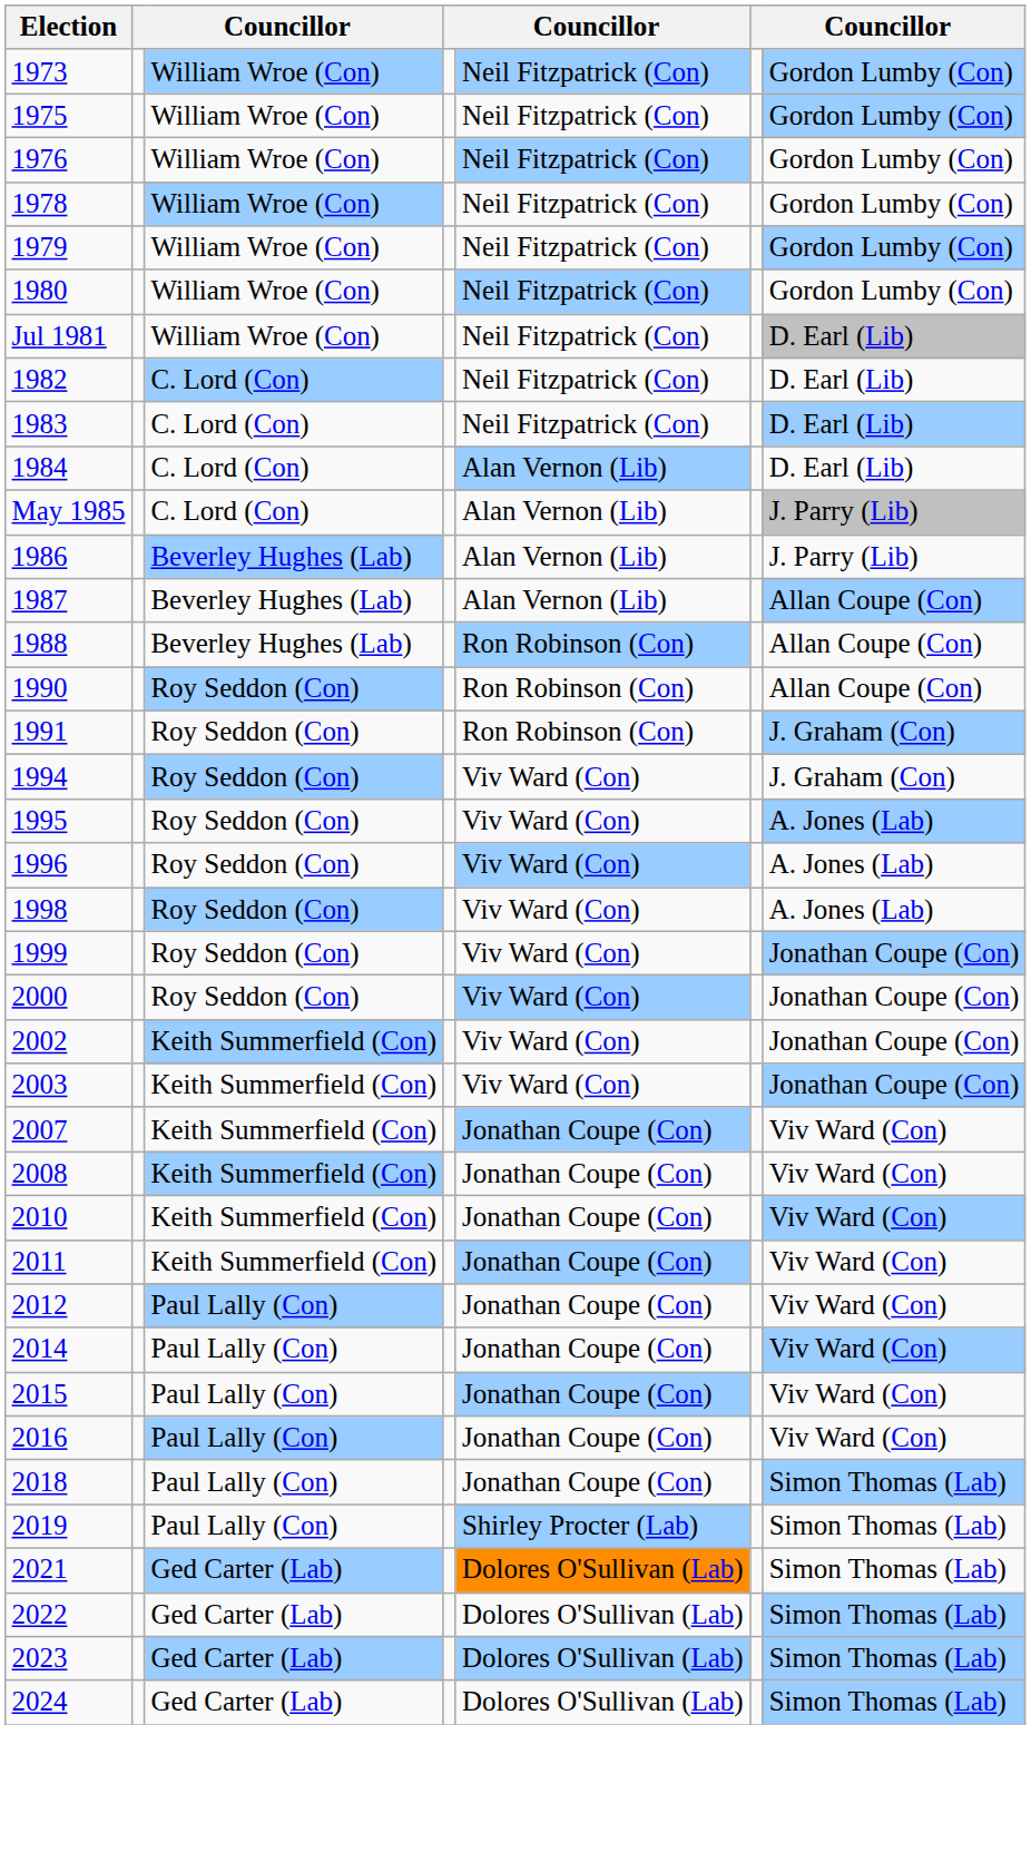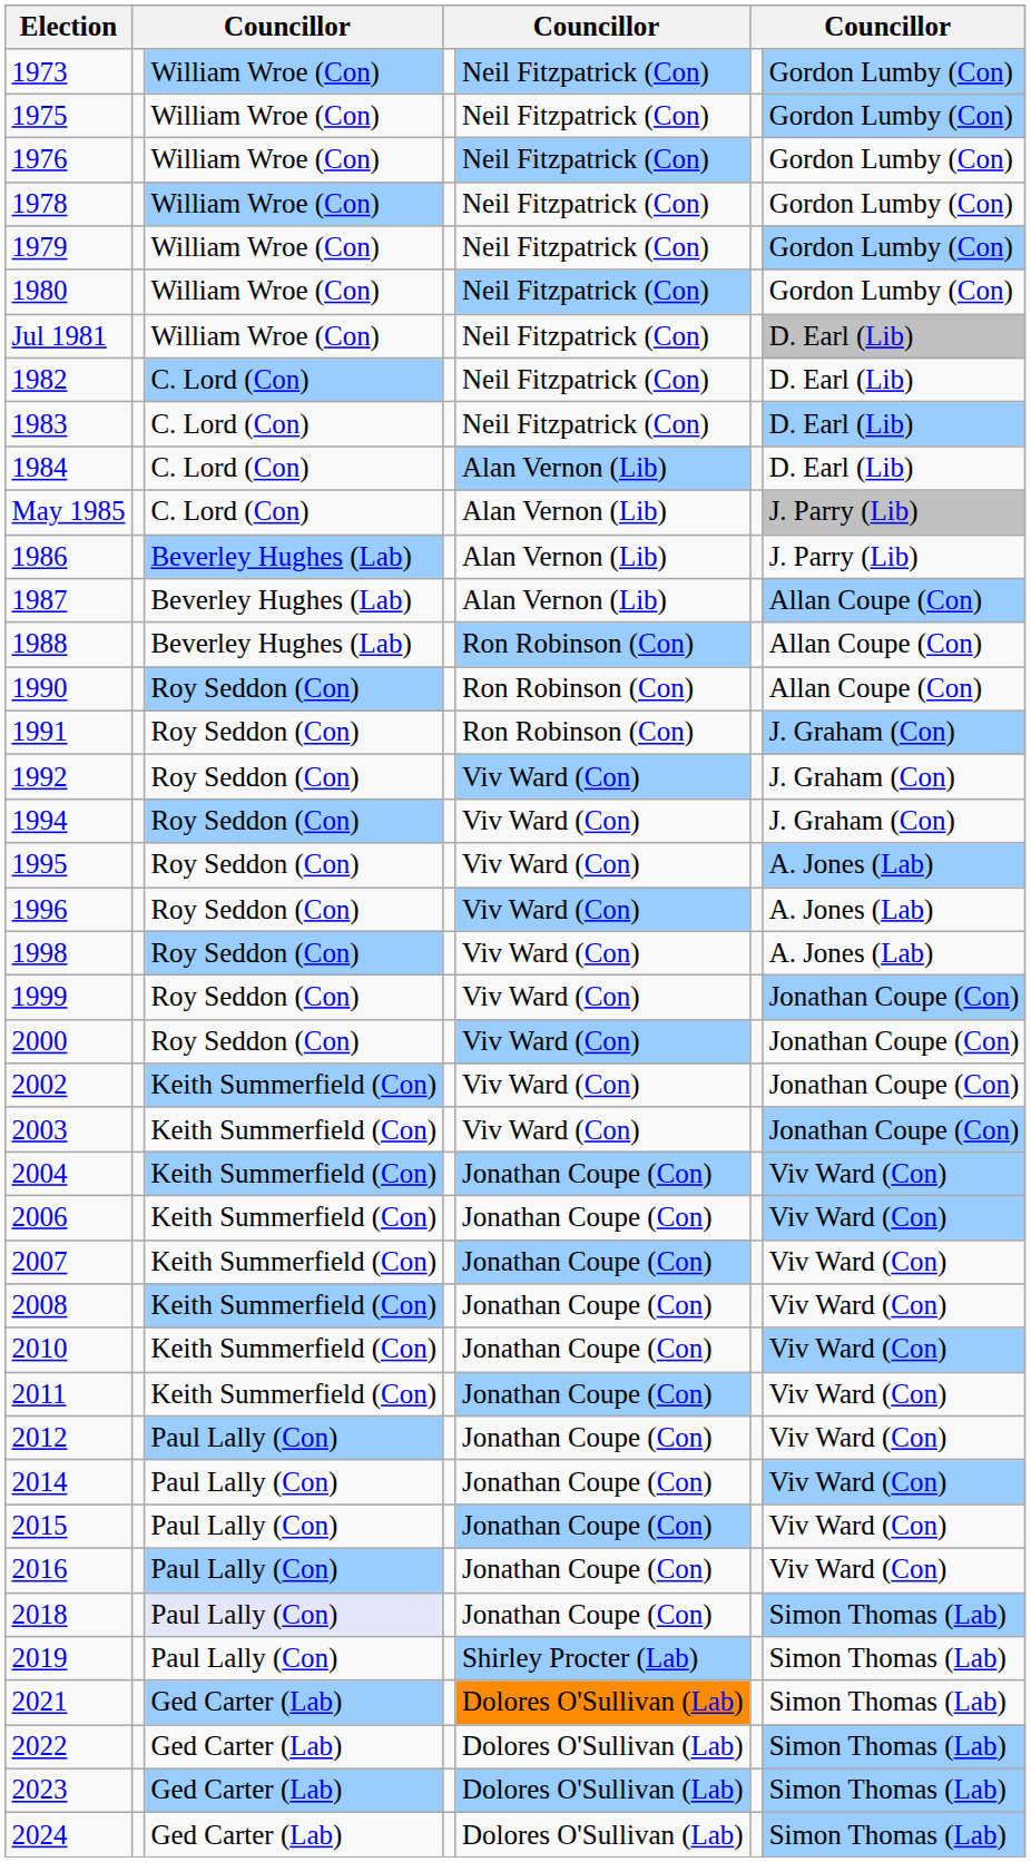 <table class="wikitable">
 <tr>
 <th>Election</th>
 <th colspan="2">Councillor</th>
 <th colspan="2">Councillor</th>
 <th colspan="2">Councillor</th>
 </tr>
 <tr>
 <td><a href='#'>1973</a></td>
 <td style="background-color: "></td>
 <td bgcolor="#99CCFF">William Wroe (<a href='#'>Con</a>)</td>
 <td style="background-color: "></td>
 <td bgcolor="#99CCFF">Neil Fitzpatrick (<a href='#'>Con</a>)</td>
 <td style="background-color: "></td>
 <td bgcolor="#99CCFF">Gordon Lumby (<a href='#'>Con</a>)</td>
 </tr>
 <tr>
 <td><a href='#'>1975</a></td>
 <td style="background-color: "></td>
 <td>William Wroe (<a href='#'>Con</a>)</td>
 <td style="background-color: "></td>
 <td>Neil Fitzpatrick (<a href='#'>Con</a>)</td>
 <td style="background-color: "></td>
 <td bgcolor="#99CCFF">Gordon Lumby (<a href='#'>Con</a>)</td>
 </tr>
 <tr>
 <td><a href='#'>1976</a></td>
 <td style="background-color: "></td>
 <td>William Wroe (<a href='#'>Con</a>)</td>
 <td style="background-color: "></td>
 <td bgcolor="#99CCFF">Neil Fitzpatrick (<a href='#'>Con</a>)</td>
 <td style="background-color: "></td>
 <td>Gordon Lumby (<a href='#'>Con</a>)</td>
 </tr>
 <tr>
 <td><a href='#'>1978</a></td>
 <td style="background-color: "></td>
 <td bgcolor="#99CCFF">William Wroe (<a href='#'>Con</a>)</td>
 <td style="background-color: "></td>
 <td>Neil Fitzpatrick (<a href='#'>Con</a>)</td>
 <td style="background-color: "></td>
 <td>Gordon Lumby (<a href='#'>Con</a>)</td>
 </tr>
 <tr>
 <td><a href='#'>1979</a></td>
 <td style="background-color: "></td>
 <td>William Wroe (<a href='#'>Con</a>)</td>
 <td style="background-color: "></td>
 <td>Neil Fitzpatrick (<a href='#'>Con</a>)</td>
 <td style="background-color: "></td>
 <td bgcolor="#99CCFF">Gordon Lumby (<a href='#'>Con</a>)</td>
 </tr>
 <tr>
 <td><a href='#'>1980</a></td>
 <td style="background-color: "></td>
 <td>William Wroe (<a href='#'>Con</a>)</td>
 <td style="background-color: "></td>
 <td bgcolor="#99CCFF">Neil Fitzpatrick (<a href='#'>Con</a>)</td>
 <td style="background-color: "></td>
 <td>Gordon Lumby (<a href='#'>Con</a>)</td>
 </tr>
 <tr>
 <td><a href='#'>Jul 1981</a></td>
 <td style="background-color: "></td>
 <td>William Wroe (<a href='#'>Con</a>)</td>
 <td style="background-color: "></td>
 <td>Neil Fitzpatrick (<a href='#'>Con</a>)</td>
 <td style="background-color: "></td>
 <td bgcolor="#C0C0C0">D. Earl (<a href='#'>Lib</a>)</td>
 </tr>
 <tr>
 <td><a href='#'>1982</a></td>
 <td style="background-color: "></td>
 <td bgcolor="#99CCFF">C. Lord (<a href='#'>Con</a>)</td>
 <td style="background-color: "></td>
 <td>Neil Fitzpatrick (<a href='#'>Con</a>)</td>
 <td style="background-color: "></td>
 <td>D. Earl (<a href='#'>Lib</a>)</td>
 </tr>
 <tr>
 <td><a href='#'>1983</a></td>
 <td style="background-color: "></td>
 <td>C. Lord (<a href='#'>Con</a>)</td>
 <td style="background-color: "></td>
 <td>Neil Fitzpatrick (<a href='#'>Con</a>)</td>
 <td style="background-color: "></td>
 <td bgcolor="#99CCFF">D. Earl (<a href='#'>Lib</a>)</td>
 </tr>
 <tr>
 <td><a href='#'>1984</a></td>
 <td style="background-color: "></td>
 <td>C. Lord (<a href='#'>Con</a>)</td>
 <td style="background-color: "></td>
 <td bgcolor="#99CCFF">Alan Vernon (<a href='#'>Lib</a>)</td>
 <td style="background-color: "></td>
 <td>D. Earl (<a href='#'>Lib</a>)</td>
 </tr>
 <tr>
 <td><a href='#'>May 1985</a></td>
 <td style="background-color: "></td>
 <td>C. Lord (<a href='#'>Con</a>)</td>
 <td style="background-color: "></td>
 <td>Alan Vernon (<a href='#'>Lib</a>)</td>
 <td style="background-color: "></td>
 <td bgcolor="#C0C0C0">J. Parry (<a href='#'>Lib</a>)</td>
 </tr>
 <tr>
 <td><a href='#'>1986</a></td>
 <td style="background-color: "></td>
 <td bgcolor="#99CCFF"><a href='#'>Beverley Hughes</a> (<a href='#'>Lab</a>)</td>
 <td style="background-color: "></td>
 <td>Alan Vernon (<a href='#'>Lib</a>)</td>
 <td style="background-color: "></td>
 <td>J. Parry (<a href='#'>Lib</a>)</td>
 </tr>
 <tr>
 <td><a href='#'>1987</a></td>
 <td style="background-color: "></td>
 <td>Beverley Hughes (<a href='#'>Lab</a>)</td>
 <td style="background-color: "></td>
 <td>Alan Vernon (<a href='#'>Lib</a>)</td>
 <td style="background-color: "></td>
 <td bgcolor="#99CCFF">Allan Coupe (<a href='#'>Con</a>)</td>
 </tr>
 <tr>
 <td><a href='#'>1988</a></td>
 <td style="background-color: "></td>
 <td>Beverley Hughes (<a href='#'>Lab</a>)</td>
 <td style="background-color: "></td>
 <td bgcolor="#99CCFF">Ron Robinson (<a href='#'>Con</a>)</td>
 <td style="background-color: "></td>
 <td>Allan Coupe (<a href='#'>Con</a>)</td>
 </tr>
 <tr>
 <td><a href='#'>1990</a></td>
 <td style="background-color: "></td>
 <td bgcolor="#99CCFF">Roy Seddon (<a href='#'>Con</a>)</td>
 <td style="background-color: "></td>
 <td>Ron Robinson (<a href='#'>Con</a>)</td>
 <td style="background-color: "></td>
 <td>Allan Coupe (<a href='#'>Con</a>)</td>
 </tr>
 <tr>
 <td><a href='#'>1991</a></td>
 <td style="background-color: "></td>
 <td>Roy Seddon (<a href='#'>Con</a>)</td>
 <td style="background-color: "></td>
 <td>Ron Robinson (<a href='#'>Con</a>)</td>
 <td style="background-color: "></td>
 <td bgcolor="#99CCFF">J. Graham (<a href='#'>Con</a>)</td>
 </tr>
 <tr>
+<td><a href='#'>1992</a></td>
+<td style="background-color: "></td>
+<td>Roy Seddon (<a href='#'>Con</a>)</td>
+<td style="background-color: "></td>
+<td bgcolor="#99CCFF">Viv Ward (<a href='#'>Con</a>)</td>
+<td style="background-color: "></td>
+<td>J. Graham (<a href='#'>Con</a>)</td>
+</tr>
+<tr>
 <td><a href='#'>1994</a></td>
 <td style="background-color: "></td>
 <td bgcolor="#99CCFF">Roy Seddon (<a href='#'>Con</a>)</td>
 <td style="background-color: "></td>
 <td>Viv Ward (<a href='#'>Con</a>)</td>
 <td style="background-color: "></td>
 <td>J. Graham (<a href='#'>Con</a>)</td>
 </tr>
 <tr>
 <td><a href='#'>1995</a></td>
 <td style="background-color: "></td>
 <td>Roy Seddon (<a href='#'>Con</a>)</td>
 <td style="background-color: "></td>
 <td>Viv Ward (<a href='#'>Con</a>)</td>
 <td style="background-color: "></td>
 <td bgcolor="#99CCFF">A. Jones (<a href='#'>Lab</a>)</td>
 </tr>
 <tr>
 <td><a href='#'>1996</a></td>
 <td style="background-color: "></td>
 <td>Roy Seddon (<a href='#'>Con</a>)</td>
 <td style="background-color: "></td>
 <td bgcolor="#99CCFF">Viv Ward (<a href='#'>Con</a>)</td>
 <td style="background-color: "></td>
 <td>A. Jones (<a href='#'>Lab</a>)</td>
 </tr>
 <tr>
 <td><a href='#'>1998</a></td>
 <td style="background-color: "></td>
 <td bgcolor="#99CCFF">Roy Seddon (<a href='#'>Con</a>)</td>
 <td style="background-color: "></td>
 <td>Viv Ward (<a href='#'>Con</a>)</td>
 <td style="background-color: "></td>
 <td>A. Jones (<a href='#'>Lab</a>)</td>
 </tr>
 <tr>
 <td><a href='#'>1999</a></td>
 <td style="background-color: "></td>
 <td>Roy Seddon (<a href='#'>Con</a>)</td>
 <td style="background-color: "></td>
 <td>Viv Ward (<a href='#'>Con</a>)</td>
 <td style="background-color: "></td>
 <td bgcolor="#99CCFF">Jonathan Coupe (<a href='#'>Con</a>)</td>
 </tr>
 <tr>
 <td><a href='#'>2000</a></td>
 <td style="background-color: "></td>
 <td>Roy Seddon (<a href='#'>Con</a>)</td>
 <td style="background-color: "></td>
 <td bgcolor="#99CCFF">Viv Ward (<a href='#'>Con</a>)</td>
 <td style="background-color: "></td>
 <td>Jonathan Coupe (<a href='#'>Con</a>)</td>
 </tr>
 <tr>
 <td><a href='#'>2002</a></td>
 <td style="background-color: "></td>
 <td bgcolor="#99CCFF">Keith Summerfield (<a href='#'>Con</a>)</td>
 <td style="background-color: "></td>
 <td>Viv Ward (<a href='#'>Con</a>)</td>
 <td style="background-color: "></td>
 <td>Jonathan Coupe (<a href='#'>Con</a>)</td>
 </tr>
 <tr>
 <td><a href='#'>2003</a></td>
 <td style="background-color: "></td>
 <td>Keith Summerfield (<a href='#'>Con</a>)</td>
 <td style="background-color: "></td>
 <td>Viv Ward (<a href='#'>Con</a>)</td>
 <td style="background-color: "></td>
 <td bgcolor="#99CCFF">Jonathan Coupe (<a href='#'>Con</a>)</td>
+</tr>
+<tr>
+<td><a href='#'>2004</a></td>
+<td style="background-color: "></td>
+<td bgcolor="#99CCFF">Keith Summerfield (<a href='#'>Con</a>)</td>
+<td style="background-color: "></td>
+<td bgcolor="#99CCFF">Jonathan Coupe (<a href='#'>Con</a>)</td>
+<td style="background-color: "></td>
+<td bgcolor="#99CCFF">Viv Ward (<a href='#'>Con</a>)</td>
+</tr>
+<tr>
+<td><a href='#'>2006</a></td>
+<td style="background-color: "></td>
+<td>Keith Summerfield (<a href='#'>Con</a>)</td>
+<td style="background-color: "></td>
+<td>Jonathan Coupe (<a href='#'>Con</a>)</td>
+<td style="background-color: "></td>
+<td bgcolor="#99CCFF">Viv Ward (<a href='#'>Con</a>)</td>
 </tr>
 <tr>
 <td><a href='#'>2007</a></td>
 <td style="background-color: "></td>
 <td>Keith Summerfield (<a href='#'>Con</a>)</td>
 <td style="background-color: "></td>
 <td bgcolor="#99CCFF">Jonathan Coupe (<a href='#'>Con</a>)</td>
 <td style="background-color: "></td>
 <td>Viv Ward (<a href='#'>Con</a>)</td>
 </tr>
 <tr>
 <td><a href='#'>2008</a></td>
 <td style="background-color: "></td>
 <td bgcolor="#99CCFF">Keith Summerfield (<a href='#'>Con</a>)</td>
 <td style="background-color: "></td>
 <td>Jonathan Coupe (<a href='#'>Con</a>)</td>
 <td style="background-color: "></td>
 <td>Viv Ward (<a href='#'>Con</a>)</td>
 </tr>
 <tr>
 <td><a href='#'>2010</a></td>
 <td style="background-color: "></td>
 <td>Keith Summerfield (<a href='#'>Con</a>)</td>
 <td style="background-color: "></td>
 <td>Jonathan Coupe (<a href='#'>Con</a>)</td>
 <td style="background-color: "></td>
 <td bgcolor="#99CCFF">Viv Ward (<a href='#'>Con</a>)</td>
 </tr>
 <tr>
 <td><a href='#'>2011</a></td>
 <td style="background-color: "></td>
 <td>Keith Summerfield (<a href='#'>Con</a>)</td>
 <td style="background-color: "></td>
 <td bgcolor="#99CCFF">Jonathan Coupe (<a href='#'>Con</a>)</td>
 <td style="background-color: "></td>
 <td>Viv Ward (<a href='#'>Con</a>)</td>
 </tr>
 <tr>
 <td><a href='#'>2012</a></td>
 <td style="background-color: "></td>
 <td bgcolor="#99CCFF">Paul Lally (<a href='#'>Con</a>)</td>
 <td style="background-color: "></td>
 <td>Jonathan Coupe (<a href='#'>Con</a>)</td>
 <td style="background-color: "></td>
 <td>Viv Ward (<a href='#'>Con</a>)</td>
 </tr>
 <tr>
 <td><a href='#'>2014</a></td>
 <td style="background-color: "></td>
 <td>Paul Lally (<a href='#'>Con</a>)</td>
 <td style="background-color: "></td>
 <td>Jonathan Coupe (<a href='#'>Con</a>)</td>
 <td style="background-color: "></td>
 <td bgcolor="#99CCFF">Viv Ward (<a href='#'>Con</a>)</td>
 </tr>
 <tr>
 <td><a href='#'>2015</a></td>
 <td style="background-color: "></td>
 <td>Paul Lally (<a href='#'>Con</a>)</td>
 <td style="background-color: "></td>
 <td bgcolor="#99CCFF">Jonathan Coupe (<a href='#'>Con</a>)</td>
 <td style="background-color: "></td>
 <td>Viv Ward (<a href='#'>Con</a>)</td>
 </tr>
 <tr>
 <td><a href='#'>2016</a></td>
 <td style="background-color: "></td>
 <td bgcolor="#99CCFF">Paul Lally (<a href='#'>Con</a>)</td>
 <td style="background-color: "></td>
 <td>Jonathan Coupe (<a href='#'>Con</a>)</td>
 <td style="background-color: "></td>
 <td>Viv Ward (<a href='#'>Con</a>)</td>
 </tr>
 <tr>
 <td><a href='#'>2018</a></td>
 <td style="background-color: "></td>
-<td>Paul Lally (<a href='#'>Con</a>)</td>
+<td style="background: lavender;">Paul Lally (<a href='#'>Con</a>)</td>
 <td style="background-color: "></td>
 <td>Jonathan Coupe (<a href='#'>Con</a>)</td>
 <td style="background-color: "></td>
 <td bgcolor="#99CCFF">Simon Thomas (<a href='#'>Lab</a>)</td>
 </tr>
 <tr>
 <td><a href='#'>2019</a></td>
 <td style="background-color: "></td>
 <td>Paul Lally (<a href='#'>Con</a>)</td>
 <td style="background-color: "></td>
 <td bgcolor="#99CCFF">Shirley Procter (<a href='#'>Lab</a>)</td>
 <td style="background-color: "></td>
 <td>Simon Thomas (<a href='#'>Lab</a>)</td>
 </tr>
 <tr>
 <td><a href='#'>2021</a></td>
 <td style="background-color: "></td>
 <td bgcolor="#99CCFF">Ged Carter (<a href='#'>Lab</a>)</td>
 <td style="background-color: "></td>
 <td bgcolor="#FF8C00">Dolores O'Sullivan (<a href='#'>Lab</a>)</td>
 <td style="background-color: "></td>
 <td>Simon Thomas (<a href='#'>Lab</a>)</td>
 </tr>
 <tr>
 <td><a href='#'>2022</a></td>
 <td style="background-color: "></td>
 <td>Ged Carter (<a href='#'>Lab</a>)</td>
 <td style="background-color: "></td>
 <td>Dolores O'Sullivan (<a href='#'>Lab</a>)</td>
 <td style="background-color: "></td>
 <td bgcolor="#99CCFF">Simon Thomas (<a href='#'>Lab</a>)</td>
 </tr>
 <tr>
 <td><a href='#'>2023</a></td>
 <td style="background-color: "></td>
 <td bgcolor="#99CCFF">Ged Carter (<a href='#'>Lab</a>)</td>
 <td style="background-color: "></td>
 <td bgcolor="#99CCFF">Dolores O'Sullivan (<a href='#'>Lab</a>)</td>
 <td style="background-color: "></td>
 <td bgcolor="#99CCFF">Simon Thomas (<a href='#'>Lab</a>)</td>
 </tr>
 <tr>
 <td><a href='#'>2024</a></td>
 <td style="background-color: "></td>
 <td bgcolor=>Ged Carter (<a href='#'>Lab</a>)</td>
 <td style="background-color: "></td>
 <td bgcolor=>Dolores O'Sullivan (<a href='#'>Lab</a>)</td>
 <td style="background-color: "></td>
 <td bgcolor="#99CCFF">Simon Thomas (<a href='#'>Lab</a>)</td>
 </tr>
 </table>
